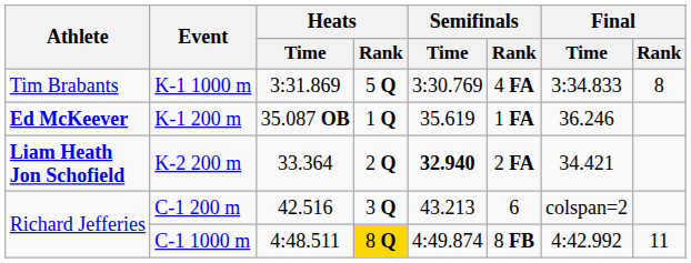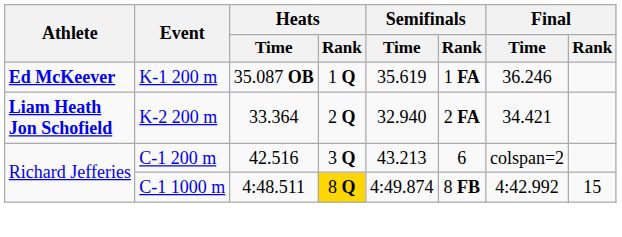 <table class=wikitable style="font-size:90%;">
 <tr>
 <th rowspan="2">Athlete</th>
 <th rowspan="2">Event</th>
 <th colspan=2>Heats</th>
 <th colspan=2>Semifinals</th>
 <th colspan=2>Final</th>
 </tr>
 <tr style="font-size:95%">
 <th>Time</th>
 <th>Rank</th>
 <th>Time</th>
 <th>Rank</th>
 <th>Time</th>
 <th>Rank</th>
 </tr>
 <tr align=center>
-<td align=left><a href='#'>Tim Brabants</a></td>
-<td align=left><a href='#'>K-1 1000 m</a></td>
-<td>3:31.869</td>
-<td>5 <strong>Q</strong></td>
-<td>3:30.769</td>
-<td>4 <strong>FA</strong></td>
-<td>3:34.833</td>
-<td>8</td>
-</tr>
-<tr align=center>
 <td align=left><strong><a href='#'>Ed McKeever</a></strong></td>
 <td align=left><a href='#'>K-1 200 m</a></td>
 <td>35.087 <strong>OB</strong></td>
 <td>1 <strong>Q</strong></td>
 <td>35.619</td>
 <td>1 <strong>FA</strong></td>
 <td>36.246</td>
 <td></td>
 </tr>
 <tr align=center>
 <td align=left><strong><a href='#'>Liam Heath</a><br><a href='#'>Jon Schofield</a></strong></td>
 <td align=left><a href='#'>K-2 200 m</a></td>
 <td>33.364</td>
 <td>2 <strong>Q</strong></td>
-<td><strong>32.940</strong></td>
+<td>32.940</td>
 <td>2 <strong>FA</strong></td>
 <td>34.421</td>
 <td></td>
 </tr>
 <tr align=center>
 <td style="text-align:left;" rowspan="2"><a href='#'>Richard Jefferies</a></td>
 <td align=left><a href='#'>C-1 200 m</a></td>
 <td>42.516</td>
 <td>3 <strong>Q</strong></td>
 <td>43.213</td>
 <td>6</td>
 <td>colspan=2 </td>
 </tr>
 <tr align=center>
 <td align=left><a href='#'>C-1 1000 m</a></td>
 <td>4:48.511</td>
 <td style="background: gold;">8 <strong>Q</strong></td>
 <td>4:49.874</td>
 <td>8 <strong>FB</strong></td>
 <td>4:42.992</td>
-<td>11</td>
+<td>15</td>
 </tr>
 </table>
